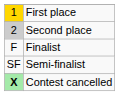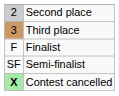 <table class="wikitable">
 <tr>
 </tr>
 <tr>
-<td style="text-align:center; background-color:#FFD700;">1</td>
-<td>First place</td>
+<td style="text-align:center; background-color:#CCC;">2</td>
+<td>Second place</td>
 </tr>
 <tr>
-<td style="text-align:center; background-color:#CCC;">2</td>
-<td>Second place</td>
+<td style="text-align:center; background-color:#C96;">3</td>
+<td>Third place</td>
 </tr>
 <tr>
 <td style="text-align:center;">F</td>
 <td>Finalist</td>
 </tr>
 <tr>
 <td style="text-align:center;">SF</td>
 <td>Semi-finalist</td>
 </tr>
 <tr>
 <td style="text-align:center; background-color:#A4EAA9;"><strong>X</strong></td>
 <td>Contest cancelled</td>
 </tr>
 </table>
